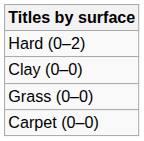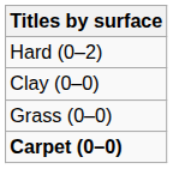 <table class=wikitable style=font-size:97%>
 <tr>
 <th>Titles by surface</th>
 </tr>
 <tr>
 <td>Hard (0–2)</td>
 </tr>
 <tr>
 <td>Clay (0–0)</td>
 </tr>
 <tr>
 <td>Grass (0–0)</td>
 </tr>
 <tr>
-<td>Carpet (0–0)</td>
+<td><strong>Carpet (0–0)</strong></td>
 </tr>
 </table>
